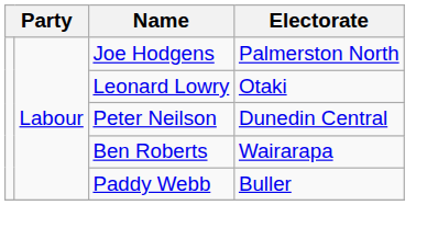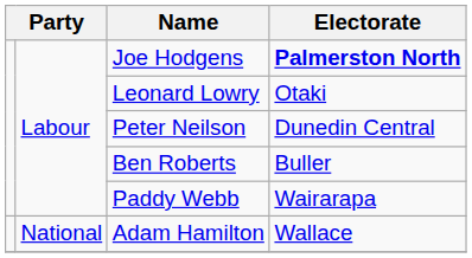 <table class="wikitable">
 <tr>
 <th colspan=2>Party</th>
 <th>Name</th>
 <th>Electorate</th>
 </tr>
 <tr>
 <td rowspan=5 style="background-color: "></td>
 <td rowspan=5><a href='#'>Labour</a></td>
 <td><a href='#'>Joe Hodgens</a></td>
-<td><a href='#'>Palmerston North</a></td>
+<td><strong><a href='#'>Palmerston North</a></strong></td>
 </tr>
 <tr>
 <td><a href='#'>Leonard Lowry</a></td>
 <td><a href='#'>Otaki</a></td>
 </tr>
 <tr>
 <td><a href='#'>Peter Neilson</a></td>
 <td><a href='#'>Dunedin Central</a></td>
 </tr>
 <tr>
 <td><a href='#'>Ben Roberts</a></td>
+<td><a href='#'>Buller</a></td>
+</tr>
+<tr>
+<td><a href='#'>Paddy Webb</a></td>
 <td><a href='#'>Wairarapa</a></td>
 </tr>
 <tr>
-<td><a href='#'>Paddy Webb</a></td>
-<td><a href='#'>Buller</a></td>
+<td style="background-color: "></td>
+<td><a href='#'>National</a></td>
+<td><a href='#'>Adam Hamilton</a></td>
+<td><a href='#'>Wallace</a></td>
 </tr>
 <tr>
 </tr>
 </table>
